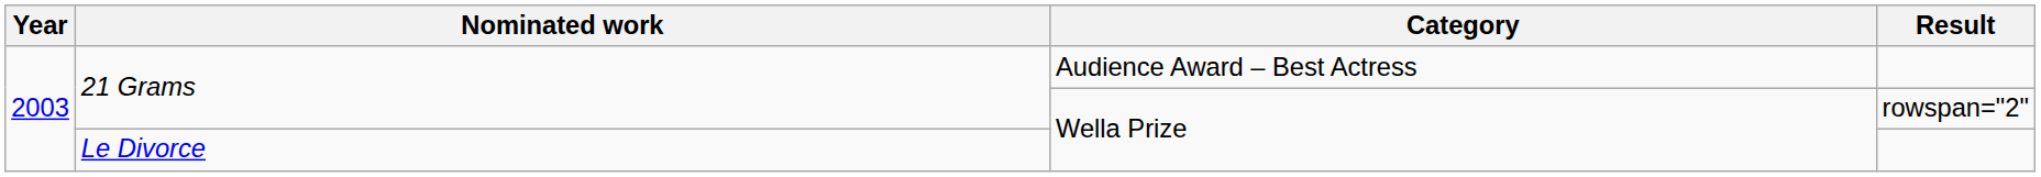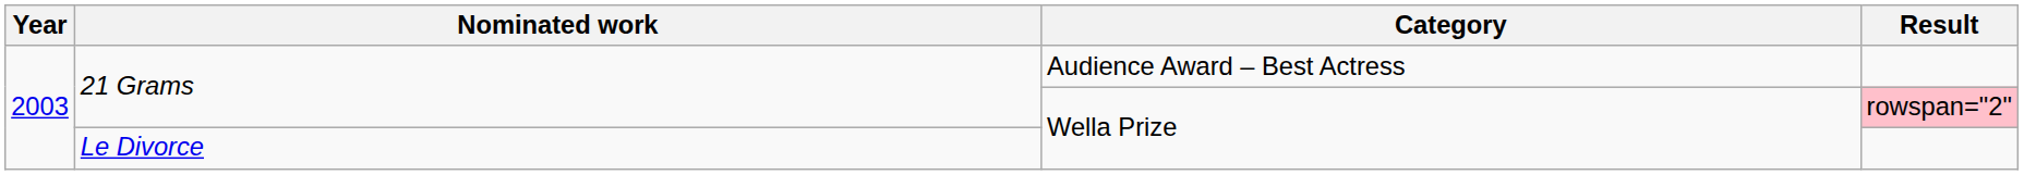 <table class=wikitable>
 <tr>
 <th scope="col" style="width:1em;">Year</th>
 <th scope="col" style="width:39em;">Nominated work</th>
 <th scope="col" style="width:33em;">Category</th>
 <th scope="col" style="width:5em;">Result</th>
 </tr>
 <tr>
 <td rowspan="3"><a href='#'>2003</a></td>
 <td rowspan="2"><em>21 Grams</em></td>
 <td>Audience Award – Best Actress</td>
 <td></td>
 </tr>
 <tr>
 <td rowspan="2">Wella Prize</td>
-<td>rowspan="2" </td>
+<td style="background: pink;">rowspan="2" </td>
 </tr>
 <tr>
 <td><em><a href='#'>Le Divorce</a></em></td>
 </tr>
 </table>
